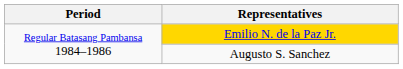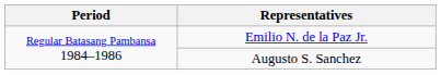 <table class="wikitable" style="text-align:center; width:40%;">
 <tr>
 <th width=40%>Period</th>
 <th>Representatives</th>
 </tr>
 <tr>
 <td rowspan=2><small><a href='#'>Regular Batasang Pambansa</a></small><br>1984–1986</td>
-<td style="background: gold;"><a href='#'>Emilio N. de la Paz Jr.</a></td>
+<td><a href='#'>Emilio N. de la Paz Jr.</a></td>
 </tr>
 <tr>
 <td>Augusto S. Sanchez</td>
 </tr>
 </table>
